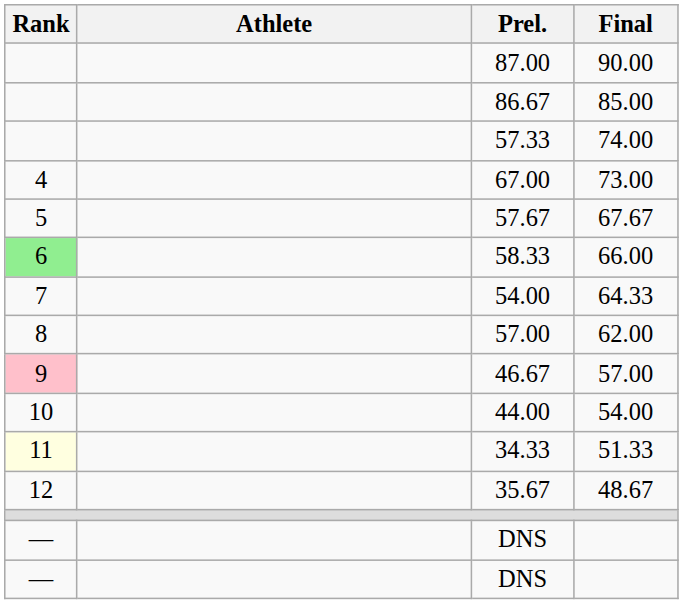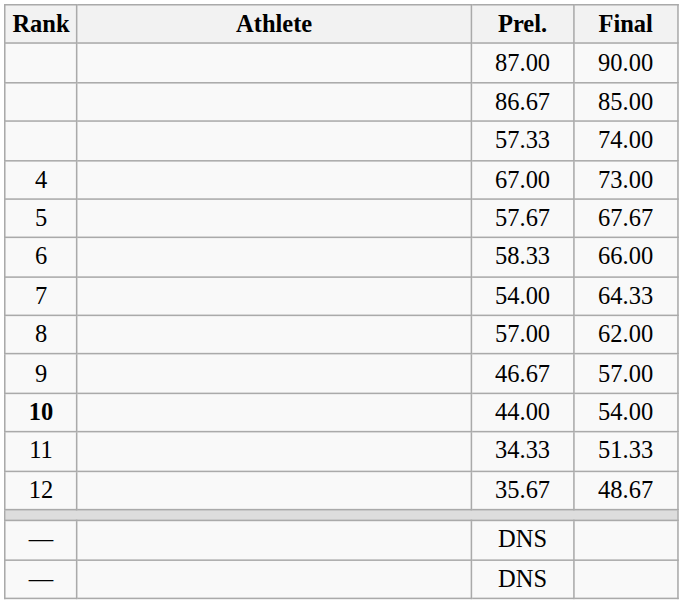 <table class=wikitable style="text-align:center">
 <tr>
 <th width=40>Rank</th>
 <th width=250>Athlete</th>
 <th width=60>Prel.</th>
 <th width=60>Final</th>
 </tr>
 <tr>
 <td></td>
 <td align=left></td>
 <td>87.00</td>
 <td>90.00</td>
 </tr>
 <tr>
 <td></td>
 <td align=left></td>
 <td>86.67</td>
 <td>85.00</td>
 </tr>
 <tr>
 <td></td>
 <td align=left></td>
 <td>57.33</td>
 <td>74.00</td>
 </tr>
 <tr>
 <td>4</td>
 <td align=left></td>
 <td>67.00</td>
 <td>73.00</td>
 </tr>
 <tr>
 <td>5</td>
 <td align=left></td>
 <td>57.67</td>
 <td>67.67</td>
 </tr>
 <tr>
-<td style="background: lightgreen;">6</td>
+<td>6</td>
 <td align=left></td>
 <td>58.33</td>
 <td>66.00</td>
 </tr>
 <tr>
 <td>7</td>
 <td align=left></td>
 <td>54.00</td>
 <td>64.33</td>
 </tr>
 <tr>
 <td>8</td>
 <td align=left></td>
 <td>57.00</td>
 <td>62.00</td>
 </tr>
 <tr>
-<td style="background: pink;">9</td>
+<td>9</td>
 <td align=left></td>
 <td>46.67</td>
 <td>57.00</td>
 </tr>
 <tr>
-<td>10</td>
+<td><strong>10</strong></td>
 <td align=left></td>
 <td>44.00</td>
 <td>54.00</td>
 </tr>
 <tr>
-<td style="background: lightyellow;">11</td>
+<td>11</td>
 <td align=left></td>
 <td>34.33</td>
 <td>51.33</td>
 </tr>
 <tr>
 <td>12</td>
 <td align=left></td>
 <td>35.67</td>
 <td>48.67</td>
 </tr>
 <tr bgcolor=#DDDDDD>
 <td colspan=4></td>
 </tr>
 <tr>
 <td>—</td>
 <td align=left></td>
 <td>DNS</td>
 <td></td>
 </tr>
 <tr>
 <td>—</td>
 <td align=left></td>
 <td>DNS</td>
 <td></td>
 </tr>
 </table>
